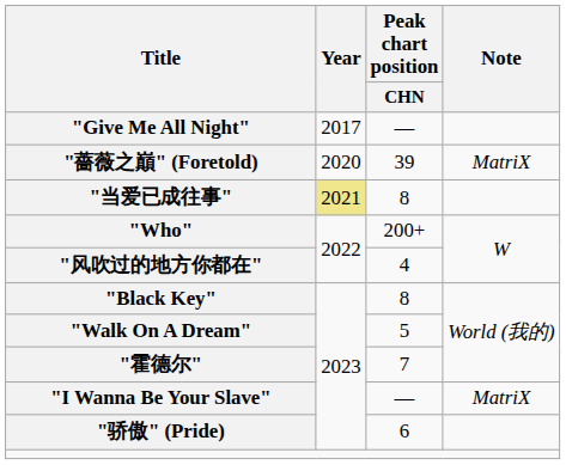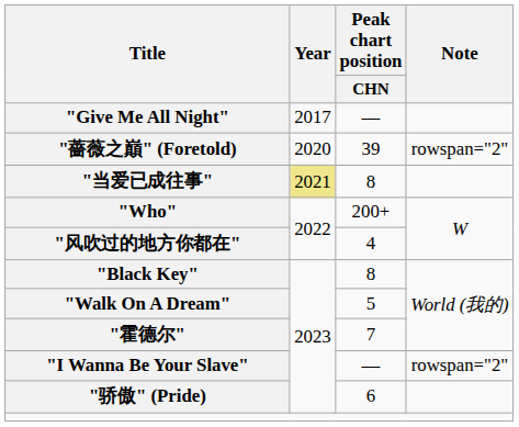 <table class="wikitable plainrowheaders" style="text-align:center;">
 <tr>
 <th rowspan="2" scope="col" style="width:15em">Title</th>
 <th rowspan="2" scope="col">Year</th>
 <th>Peak chart position</th>
 <th rowspan="2" scope="col">Note</th>
 </tr>
 <tr>
 <th scope="col" style="width:3em;font-size:90%;">CHN<br></th>
 </tr>
 <tr>
 <th scope="row">"Give Me All Night"</th>
 <td>2017</td>
 <td>—</td>
 <td></td>
 </tr>
 <tr>
 <th scope="row">"薔薇之巔" (Foretold)</th>
 <td>2020</td>
 <td>39</td>
-<td><em>MatriX</em></td>
+<td>rowspan="2" </td>
 </tr>
 <tr>
 <th scope="row">"当爱已成往事"</th>
 <td style="background: khaki;">2021</td>
 <td>8</td>
 <td></td>
 </tr>
 <tr>
 <th scope="row">"Who"</th>
 <td rowspan="2">2022</td>
 <td>200+</td>
 <td rowspan="2"><em>W</em></td>
 </tr>
 <tr>
 <th scope="row">"风吹过的地方你都在"</th>
 <td>4</td>
 </tr>
 <tr>
 <th scope="row">"Black Key"</th>
 <td rowspan="5">2023</td>
 <td>8</td>
 <td rowspan="3"><em>World (我的)</em></td>
 </tr>
 <tr>
 <th scope="row">"Walk On A Dream"</th>
 <td>5</td>
 </tr>
 <tr>
 <th scope="row">"霍德尔"</th>
 <td>7</td>
 </tr>
 <tr>
 <th scope="row">"I Wanna Be Your Slave"</th>
 <td>—</td>
-<td><em>MatriX</em></td>
+<td>rowspan="2" </td>
 </tr>
 <tr>
 <th scope="row">"骄傲" (Pride)</th>
 <td>6</td>
 </tr>
 <tr>
 <td colspan="4"></td>
 </tr>
 </table>
